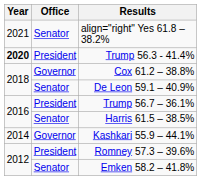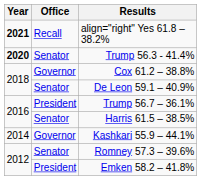 <table class=wikitable>
 <tr>
 <th style="width:30px;">Year</th>
 <th style="width:60px;">Office</th>
 <th style="width:180px;">Results</th>
 </tr>
 <tr>
-<td>2021</td>
-<td><a href='#'>Senator</a></td>
+<td><strong>2021</strong></td>
+<td><a href='#'>Recall</a></td>
 <td>align="right"  Yes 61.8 – 38.2%</td>
 </tr>
 <tr>
 <td rowspan="1"><strong>2020</strong></td>
-<td><a href='#'>President</a></td>
+<td><a href='#'>Senator</a></td>
 <td align="right" ><a href='#'>Trump</a> 56.3 - 41.4%</td>
 </tr>
 <tr>
 <td rowspan="2">2018</td>
 <td><a href='#'>Governor</a></td>
 <td align="right" ><a href='#'>Cox</a> 61.2 – 38.8%</td>
 </tr>
 <tr>
 <td><a href='#'>Senator</a></td>
 <td align="right" ><a href='#'>De Leon</a> 59.1 – 40.9%</td>
 </tr>
 <tr>
 <td rowspan="2">2016</td>
 <td><a href='#'>President</a></td>
 <td align="right" ><a href='#'>Trump</a> 56.7 – 36.1%</td>
 </tr>
 <tr>
 <td><a href='#'>Senator</a></td>
 <td align="right" ><a href='#'>Harris</a> 61.5 – 38.5%</td>
 </tr>
 <tr>
 <td>2014</td>
 <td><a href='#'>Governor</a></td>
 <td align="right" ><a href='#'>Kashkari</a> 55.9 – 44.1%</td>
 </tr>
 <tr>
 <td rowspan="2">2012</td>
-<td><a href='#'>President</a></td>
+<td><a href='#'>Senator</a></td>
 <td align="right" ><a href='#'>Romney</a> 57.3 – 39.6%</td>
 </tr>
 <tr>
-<td><a href='#'>Senator</a></td>
+<td><a href='#'>President</a></td>
 <td align="right" ><a href='#'>Emken</a> 58.2 – 41.8%</td>
 </tr>
 </table>
